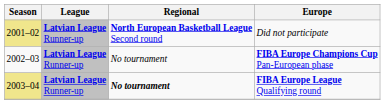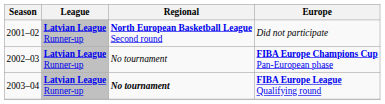 <table class="wikitable mw-collapsible mw-collapsed" align=center cellspacing="0" cellpadding="3" style="border:1px solid #AAAAAA;font-size:90%">
 <tr bgcolor="#efefef">
 <th>Season</th>
 <th>League</th>
 <th>Regional</th>
 <th>Europe</th>
 </tr>
 <tr>
-<td style="background: khaki;">2001–02</td>
+<td>2001–02</td>
 <td style="background:silver;"><strong><a href='#'>Latvian League</a></strong><br><a href='#'>Runner-up</a></td>
 <td><strong><a href='#'>North European Basketball League</a></strong><br><a href='#'>Second round</a></td>
 <td><em>Did not participate</em></td>
 </tr>
 <tr>
 <td>2002–03</td>
 <td style="background:silver;"><strong><a href='#'>Latvian League</a></strong><br><a href='#'>Runner-up</a></td>
 <td><em>No tournament</em></td>
 <td><strong><a href='#'>FIBA Europe Champions Cup</a></strong><br><a href='#'>Pan-European phase</a></td>
 </tr>
 <tr>
-<td style="background: khaki;">2003–04</td>
+<td>2003–04</td>
 <td style="background:silver;"><strong><a href='#'>Latvian League</a></strong><br><a href='#'>Runner-up</a></td>
 <td><strong><em>No tournament</em></strong></td>
 <td><strong><a href='#'>FIBA Europe League</a></strong><br><a href='#'>Qualifying round</a></td>
 </tr>
 <tr>
 </tr>
 </table>
